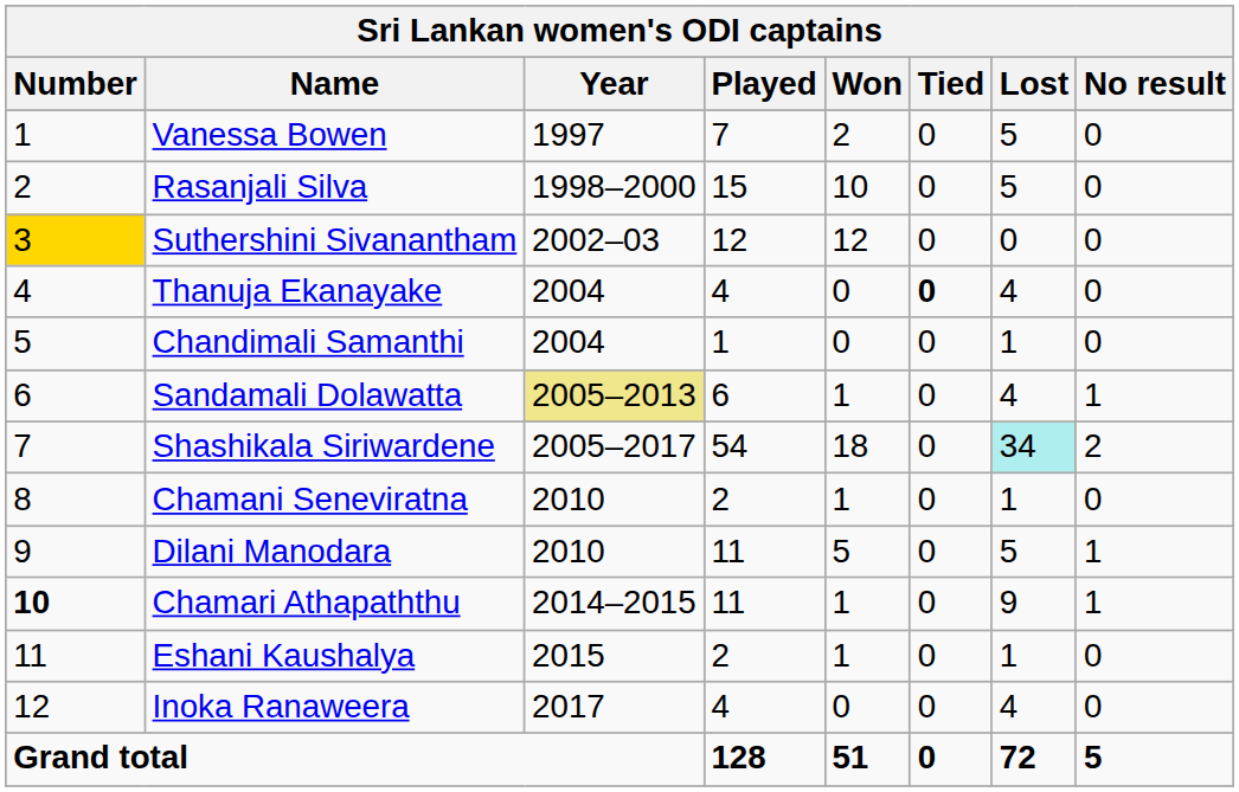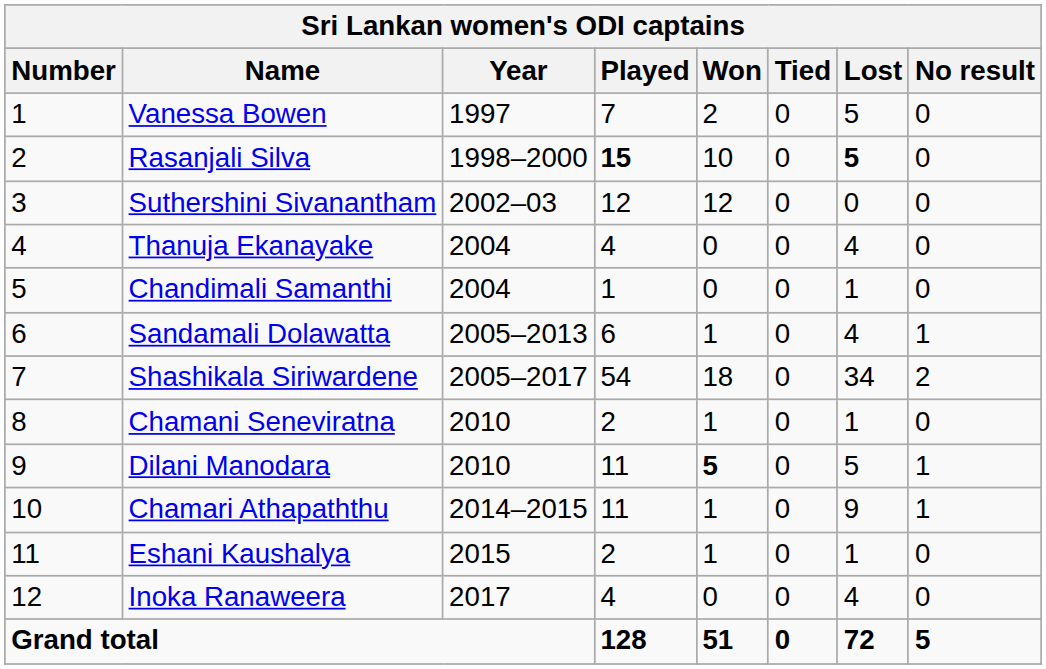 <table class="wikitable">
 <tr>
 <th bgcolor="#efefef" colspan=8>Sri Lankan women's ODI captains</th>
 </tr>
 <tr bgcolor="#efefef">
 <th>Number</th>
 <th>Name</th>
 <th>Year</th>
 <th>Played</th>
 <th>Won</th>
 <th>Tied</th>
 <th>Lost</th>
 <th>No result</th>
 </tr>
 <tr>
 <td>1</td>
 <td><a href='#'>Vanessa Bowen</a></td>
 <td>1997</td>
 <td>7</td>
 <td>2</td>
 <td>0</td>
 <td>5</td>
 <td>0</td>
 </tr>
 <tr>
 <td>2</td>
 <td><a href='#'>Rasanjali Silva</a></td>
 <td>1998–2000</td>
-<td>15</td>
+<td><strong>15</strong></td>
 <td>10</td>
 <td>0</td>
-<td>5</td>
+<td><strong>5</strong></td>
 <td>0</td>
 </tr>
 <tr>
-<td style="background: gold;">3</td>
+<td>3</td>
 <td><a href='#'>Suthershini Sivanantham</a></td>
 <td>2002–03</td>
 <td>12</td>
 <td>12</td>
 <td>0</td>
 <td>0</td>
 <td>0</td>
 </tr>
 <tr>
 <td>4</td>
 <td><a href='#'>Thanuja Ekanayake</a></td>
 <td>2004</td>
 <td>4</td>
 <td>0</td>
-<td><strong>0</strong></td>
+<td>0</td>
 <td>4</td>
 <td>0</td>
 </tr>
 <tr>
 <td>5</td>
 <td><a href='#'>Chandimali Samanthi</a></td>
 <td>2004</td>
 <td>1</td>
 <td>0</td>
 <td>0</td>
 <td>1</td>
 <td>0</td>
 </tr>
 <tr>
 <td>6</td>
 <td><a href='#'>Sandamali Dolawatta</a></td>
-<td style="background: khaki;">2005–2013</td>
+<td>2005–2013</td>
 <td>6</td>
 <td>1</td>
 <td>0</td>
 <td>4</td>
 <td>1</td>
 </tr>
 <tr>
 <td>7</td>
 <td><a href='#'>Shashikala Siriwardene</a></td>
 <td>2005–2017</td>
 <td>54</td>
 <td>18</td>
 <td>0</td>
-<td style="background: paleturquoise;">34</td>
+<td>34</td>
 <td>2</td>
 </tr>
 <tr>
 <td>8</td>
 <td><a href='#'>Chamani Seneviratna</a></td>
 <td>2010</td>
 <td>2</td>
 <td>1</td>
 <td>0</td>
 <td>1</td>
 <td>0</td>
 </tr>
 <tr>
 <td>9</td>
 <td><a href='#'>Dilani Manodara</a></td>
 <td>2010</td>
 <td>11</td>
-<td>5</td>
+<td><strong>5</strong></td>
 <td>0</td>
 <td>5</td>
 <td>1</td>
 </tr>
 <tr>
-<td><strong>10</strong></td>
+<td>10</td>
 <td><a href='#'>Chamari Athapaththu</a></td>
 <td>2014–2015</td>
 <td>11</td>
 <td>1</td>
 <td>0</td>
 <td>9</td>
 <td>1</td>
 </tr>
 <tr>
 <td>11</td>
 <td><a href='#'>Eshani Kaushalya</a></td>
 <td>2015</td>
 <td>2</td>
 <td>1</td>
 <td>0</td>
 <td>1</td>
 <td>0</td>
 </tr>
 <tr>
 <td>12</td>
 <td><a href='#'>Inoka Ranaweera</a></td>
 <td>2017</td>
 <td>4</td>
 <td>0</td>
 <td>0</td>
 <td>4</td>
 <td>0</td>
 </tr>
 <tr>
 <td colspan=3><strong>Grand total</strong></td>
 <td><strong>128</strong></td>
 <td><strong>51</strong></td>
 <td><strong>0</strong></td>
 <td><strong>72</strong></td>
 <td><strong>5</strong></td>
 </tr>
 </table>
